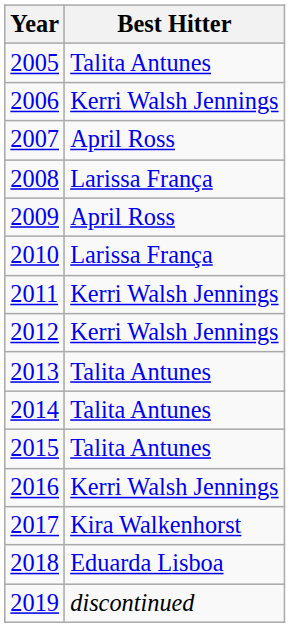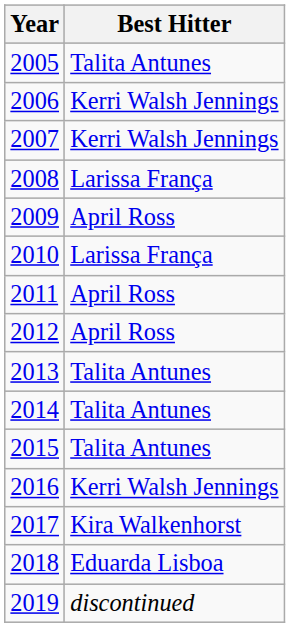 <table class="wikitable sortable" style="display:inline-table;">
 <tr>
 <th>Year</th>
 <th>Best Hitter</th>
 </tr>
 <tr>
 <td><a href='#'>2005</a></td>
 <td> <a href='#'>Talita Antunes</a> </td>
 </tr>
 <tr>
 <td><a href='#'>2006</a></td>
 <td> <a href='#'>Kerri Walsh Jennings</a> </td>
 </tr>
 <tr>
 <td><a href='#'>2007</a></td>
-<td> <a href='#'>April Ross</a> </td>
+<td> <a href='#'>Kerri Walsh Jennings</a> </td>
 </tr>
 <tr>
 <td><a href='#'>2008</a></td>
 <td> <a href='#'>Larissa França</a> </td>
 </tr>
 <tr>
 <td><a href='#'>2009</a></td>
 <td> <a href='#'>April Ross</a> </td>
 </tr>
 <tr>
 <td><a href='#'>2010</a></td>
 <td> <a href='#'>Larissa França</a> </td>
 </tr>
 <tr>
 <td><a href='#'>2011</a></td>
-<td> <a href='#'>Kerri Walsh Jennings</a> </td>
+<td> <a href='#'>April Ross</a> </td>
 </tr>
 <tr>
 <td><a href='#'>2012</a></td>
-<td> <a href='#'>Kerri Walsh Jennings</a> </td>
+<td> <a href='#'>April Ross</a> </td>
 </tr>
 <tr>
 <td><a href='#'>2013</a></td>
 <td> <a href='#'>Talita Antunes</a> </td>
 </tr>
 <tr>
 <td><a href='#'>2014</a></td>
 <td> <a href='#'>Talita Antunes</a> </td>
 </tr>
 <tr>
 <td><a href='#'>2015</a></td>
 <td> <a href='#'>Talita Antunes</a> </td>
 </tr>
 <tr>
 <td><a href='#'>2016</a></td>
 <td> <a href='#'>Kerri Walsh Jennings</a> </td>
 </tr>
 <tr>
 <td><a href='#'>2017</a></td>
 <td> <a href='#'>Kira Walkenhorst</a></td>
 </tr>
 <tr>
 <td><a href='#'>2018</a></td>
 <td> <a href='#'>Eduarda Lisboa</a></td>
 </tr>
 <tr>
 <td><a href='#'>2019</a></td>
 <td><em>discontinued</em></td>
 </tr>
 </table>
